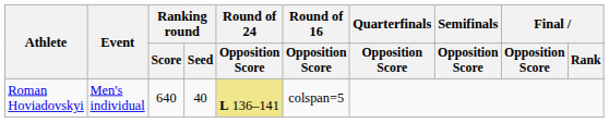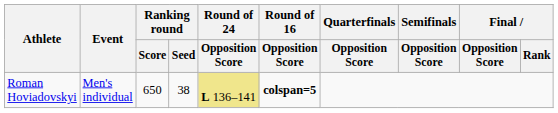 <table class="wikitable" style="font-size:90%; text-align:center">
 <tr>
 <th rowspan=2>Athlete</th>
 <th rowspan=2>Event</th>
 <th colspan="2">Ranking round</th>
 <th>Round of 24</th>
 <th>Round of 16</th>
 <th>Quarterfinals</th>
 <th>Semifinals</th>
 <th colspan="2">Final / </th>
 </tr>
 <tr style="font-size:95%">
 <th>Score</th>
 <th>Seed</th>
 <th>Opposition<br>Score</th>
 <th>Opposition<br>Score</th>
 <th>Opposition<br>Score</th>
 <th>Opposition<br>Score</th>
 <th>Opposition<br>Score</th>
 <th>Rank</th>
 </tr>
 <tr align=center>
 <td align=left><a href='#'>Roman Hoviadovskyi</a></td>
 <td align=left><a href='#'>Men's individual</a></td>
-<td>640</td>
-<td>40</td>
+<td>650</td>
+<td>38</td>
 <td style="background: khaki;"><br><strong>L</strong> 136–141</td>
-<td>colspan=5 </td>
+<td><strong>colspan=5 </strong></td>
 </tr>
 </table>
